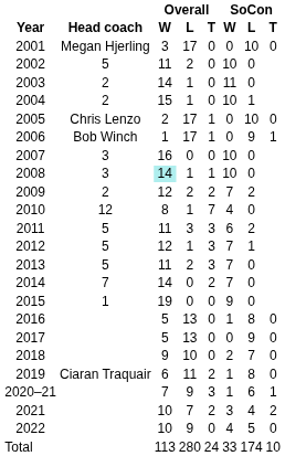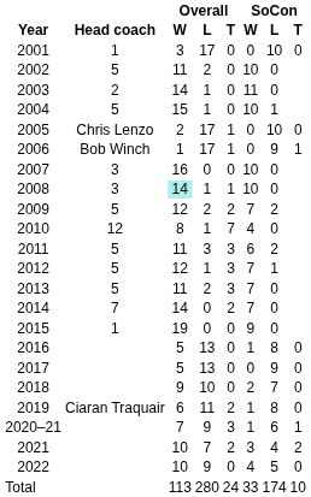 <table class="class="toccolours">
 <tr>
 <th></th>
 <th></th>
 <th colspan=3>Overall</th>
 <th colspan=3>SoCon</th>
 </tr>
 <tr>
 <th>Year</th>
 <th>Head coach</th>
 <th>W</th>
 <th>L</th>
 <th>T</th>
 <th>W</th>
 <th>L</th>
 <th>T</th>
 </tr>
 <tr align=center>
 <td>2001</td>
-<td>Megan Hjerling</td>
+<td>1</td>
 <td>3</td>
 <td>17</td>
 <td>0</td>
 <td>0</td>
 <td>10</td>
 <td>0</td>
 </tr>
 <tr align=center>
 <td>2002</td>
 <td>5</td>
 <td>11</td>
 <td>2</td>
 <td>0</td>
 <td>10</td>
 <td>0</td>
 </tr>
 <tr align=center>
 <td>2003</td>
 <td>2</td>
 <td>14</td>
 <td>1</td>
 <td>0</td>
 <td>11</td>
 <td>0</td>
 </tr>
 <tr align=center>
 <td>2004</td>
-<td>2</td>
+<td>5</td>
 <td>15</td>
 <td>1</td>
 <td>0</td>
 <td>10</td>
 <td>1</td>
 </tr>
 <tr align=center>
 <td>2005</td>
 <td>Chris Lenzo</td>
 <td>2</td>
 <td>17</td>
 <td>1</td>
 <td>0</td>
 <td>10</td>
 <td>0</td>
 </tr>
 <tr align=center>
 <td>2006</td>
 <td>Bob Winch</td>
 <td>1</td>
 <td>17</td>
 <td>1</td>
 <td>0</td>
 <td>9</td>
 <td>1</td>
 </tr>
 <tr align=center>
 <td>2007</td>
 <td>3</td>
 <td>16</td>
 <td>0</td>
 <td>0</td>
 <td>10</td>
 <td>0</td>
 </tr>
 <tr align=center>
 <td>2008</td>
 <td>3</td>
 <td style="background: paleturquoise;">14</td>
 <td>1</td>
 <td>1</td>
 <td>10</td>
 <td>0</td>
 </tr>
 <tr align=center>
 <td>2009</td>
-<td>2</td>
+<td>5</td>
 <td>12</td>
 <td>2</td>
 <td>2</td>
 <td>7</td>
 <td>2</td>
 </tr>
 <tr align=center>
 <td>2010</td>
 <td>12</td>
 <td>8</td>
 <td>1</td>
 <td>7</td>
 <td>4</td>
 <td>0</td>
 </tr>
 <tr align=center>
 <td>2011</td>
 <td>5</td>
 <td>11</td>
 <td>3</td>
 <td>3</td>
 <td>6</td>
 <td>2</td>
 </tr>
 <tr align=center>
 <td>2012</td>
 <td>5</td>
 <td>12</td>
 <td>1</td>
 <td>3</td>
 <td>7</td>
 <td>1</td>
 </tr>
 <tr align=center>
 <td>2013</td>
 <td>5</td>
 <td>11</td>
 <td>2</td>
 <td>3</td>
 <td>7</td>
 <td>0</td>
 </tr>
 <tr align=center>
 <td>2014</td>
 <td>7</td>
 <td>14</td>
 <td>0</td>
 <td>2</td>
 <td>7</td>
 <td>0</td>
 </tr>
 <tr align=center>
 <td>2015</td>
 <td>1</td>
 <td>19</td>
 <td>0</td>
 <td>0</td>
 <td>9</td>
 <td>0</td>
 </tr>
 <tr align=center>
 <td>2016</td>
 <td rowspan=7>Ciaran Traquair</td>
 <td>5</td>
 <td>13</td>
 <td>0</td>
 <td>1</td>
 <td>8</td>
 <td>0</td>
 </tr>
 <tr align=center>
 <td>2017</td>
 <td>5</td>
 <td>13</td>
 <td>0</td>
 <td>0</td>
 <td>9</td>
 <td>0</td>
 </tr>
 <tr align=center>
 <td>2018</td>
 <td>9</td>
 <td>10</td>
 <td>0</td>
 <td>2</td>
 <td>7</td>
 <td>0</td>
 </tr>
 <tr align=center>
 <td>2019</td>
 <td>6</td>
 <td>11</td>
 <td>2</td>
 <td>1</td>
 <td>8</td>
 <td>0</td>
 </tr>
 <tr align=center>
 <td>2020–21</td>
 <td>7</td>
 <td>9</td>
 <td>3</td>
 <td>1</td>
 <td>6</td>
 <td>1</td>
 </tr>
 <tr align=center>
 <td>2021</td>
 <td>10</td>
 <td>7</td>
 <td>2</td>
 <td>3</td>
 <td>4</td>
 <td>2</td>
 </tr>
 <tr align=center>
 <td>2022</td>
 <td>10</td>
 <td>9</td>
 <td>0</td>
 <td>4</td>
 <td>5</td>
 <td>0</td>
 </tr>
 <tr>
 <td colspan=2>Total</td>
 <td>113</td>
 <td>280</td>
 <td>24</td>
 <td>33</td>
 <td>174</td>
 <td>10</td>
 </tr>
 </table>
